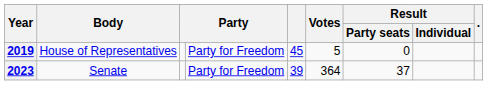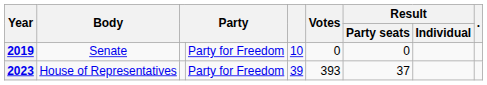 <table class="wikitable plainrowheaders sortable" border=2 cellpadding=4 cellspacing=0 style="border: 1px #aaa solid; font-size: 90%; text-align:center;">
 <tr>
 <th scope="col" rowspan=2>Year</th>
 <th scope="col" rowspan=2>Body</th>
 <th scope="col" colspan=2 rowspan=2>Party</th>
 <th scope="col" rowspan=2></th>
 <th scope="col" rowspan=2>Votes</th>
 <th scope="colgroup" colspan=2>Result</th>
 <th scope="col" rowspan=2 class="unsortable">.</th>
 </tr>
 <tr>
 <th scope="col">Party seats</th>
 <th scope="col">Individual</th>
 </tr>
 <tr>
 <th scope="row"><a href='#'>2019</a></th>
-<td><a href='#'>House of Representatives</a></td>
+<td><a href='#'>Senate</a></td>
 <td style="background-color:"></td>
 <td><a href='#'>Party for Freedom</a></td>
-<td style=text-align:right><a href='#'>45</a></td>
-<td style=text-align:right>5</td>
+<td style=text-align:right><a href='#'>10</a></td>
+<td style=text-align:right>0</td>
 <td style=text-align:right>0</td>
 <td></td>
 <td></td>
 </tr>
 <tr>
 <th scope="row"><a href='#'>2023</a></th>
-<td><a href='#'>Senate</a></td>
+<td><a href='#'>House of Representatives</a></td>
 <td style="background-color:"></td>
 <td><a href='#'>Party for Freedom</a></td>
 <td style=text-align:right><a href='#'>39</a></td>
-<td style=text-align:right>364</td>
+<td style=text-align:right>393</td>
 <td style=text-align:right>37</td>
 <td></td>
 <td></td>
 </tr>
 </table>
